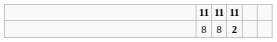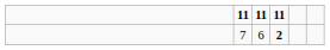 <table class="wikitable">
 <tr>
 <td style="width:18em"><strong></strong></td>
 <td align=center style="width:1em"><strong>11</strong></td>
 <td align=center style="width:1em"><strong>11</strong></td>
 <td align=center style="width:1em"><strong>11</strong></td>
 <td align=center style="width:1em"></td>
 <td align=center style="width:1em"></td>
 </tr>
 <tr>
 <td style="width:18em"></td>
-<td align=center style="width:1em">8</td>
-<td align=center style="width:1em">8</td>
+<td align=center style="width:1em">7</td>
+<td align=center style="width:1em">6</td>
 <td align=center style="width:1em"><strong>2</strong></td>
 <td align=center style="width:1em"></td>
 <td align=center style="width:1em"></td>
 </tr>
 </table>
